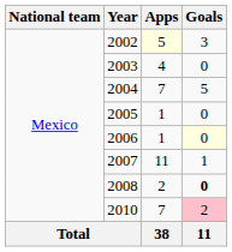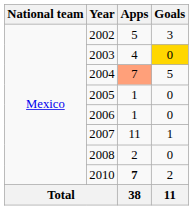 <table class="wikitable" style="text-align: center;">
 <tr>
 <th>National team</th>
 <th>Year</th>
 <th>Apps</th>
 <th>Goals</th>
 </tr>
 <tr>
 <td rowspan="8" valign="center"><a href='#'>Mexico</a></td>
 <td>2002</td>
-<td style="background: lightyellow;">5</td>
+<td>5</td>
 <td>3</td>
 </tr>
 <tr>
 <td>2003</td>
 <td>4</td>
-<td>0</td>
+<td style="background: gold;">0</td>
 </tr>
 <tr>
 <td>2004</td>
-<td>7</td>
+<td style="background: lightsalmon;">7</td>
 <td>5</td>
 </tr>
 <tr>
 <td>2005</td>
 <td>1</td>
 <td>0</td>
 </tr>
 <tr>
 <td>2006</td>
 <td>1</td>
-<td style="background: lightyellow;">0</td>
+<td>0</td>
 </tr>
 <tr>
 <td>2007</td>
 <td>11</td>
 <td>1</td>
 </tr>
 <tr>
 <td>2008</td>
 <td>2</td>
-<td><strong>0</strong></td>
+<td>0</td>
 </tr>
 <tr>
 <td>2010</td>
-<td>7</td>
-<td style="background: pink;">2</td>
+<td><strong>7</strong></td>
+<td>2</td>
 </tr>
 <tr>
 <th colspan="2">Total</th>
 <th>38</th>
 <th>11</th>
 </tr>
 </table>
